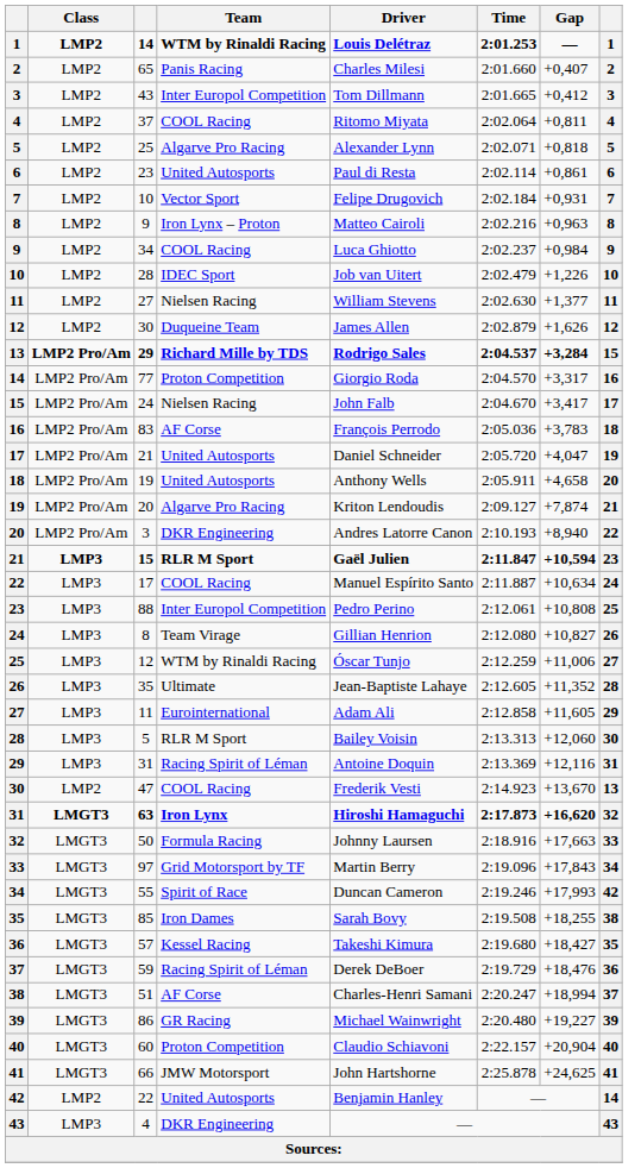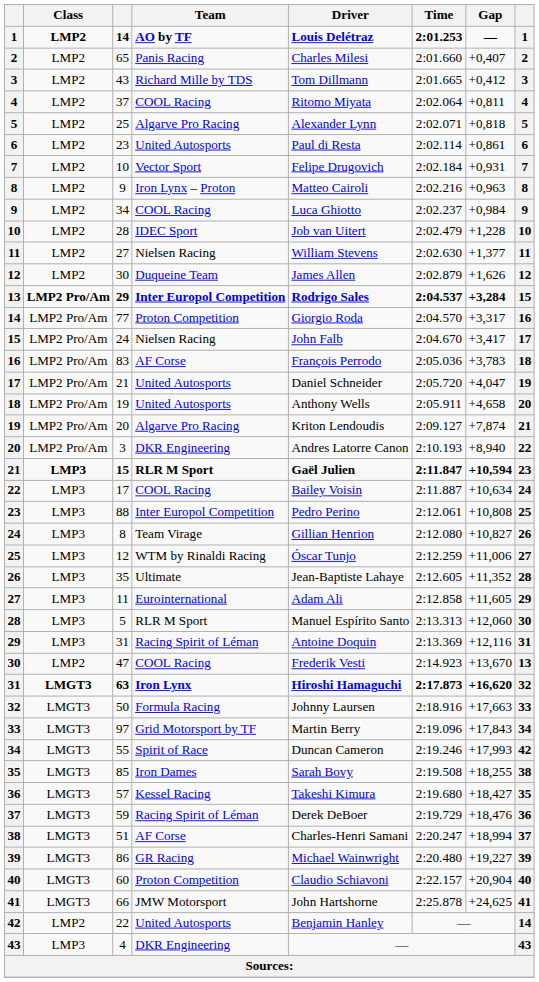 <table class="wikitable sortable" style="font-size: 90%;">
 <tr>
 <th></th>
 <th class="unsortable">Class</th>
 <th class="unsortable"></th>
 <th class="unsortable">Team</th>
 <th class="unsortable">Driver</th>
 <th class="unsortable">Time</th>
 <th class="unsortable">Gap</th>
 <th></th>
 </tr>
 <tr style="font-weight: bold;">
 <th>1</th>
 <td align="center">LMP2</td>
 <td align="center">14</td>
-<td> WTM by Rinaldi Racing</td>
+<td> <a href='#'>AO</a> by <a href='#'>TF</a></td>
 <td> <a href='#'>Louis Delétraz</a></td>
 <td align="center">2:01.253</td>
 <td align="center">—</td>
 <th>1</th>
 </tr>
 <tr>
 <th>2</th>
 <td align="center">LMP2</td>
 <td align="center">65</td>
 <td> <a href='#'>Panis Racing</a></td>
 <td> <a href='#'>Charles Milesi</a></td>
 <td align="center">2:01.660</td>
 <td>+0,407</td>
 <th>2</th>
 </tr>
 <tr>
 <th>3</th>
 <td align="center">LMP2</td>
 <td align="center">43</td>
-<td> <a href='#'>Inter Europol Competition</a></td>
+<td> <a href='#'>Richard Mille by TDS</a></td>
 <td> <a href='#'>Tom Dillmann</a></td>
 <td align="center">2:01.665</td>
 <td>+0,412</td>
 <th>3</th>
 </tr>
 <tr>
 <th>4</th>
 <td align="center">LMP2</td>
 <td align="center">37</td>
 <td> <a href='#'>COOL Racing</a></td>
 <td> <a href='#'>Ritomo Miyata</a></td>
 <td align="center">2:02.064</td>
 <td>+0,811</td>
 <th>4</th>
 </tr>
 <tr>
 <th>5</th>
 <td align="center">LMP2</td>
 <td align="center">25</td>
 <td> <a href='#'>Algarve Pro Racing</a></td>
 <td> <a href='#'>Alexander Lynn</a></td>
 <td align="center">2:02.071</td>
 <td>+0,818</td>
 <th>5</th>
 </tr>
 <tr>
 <th>6</th>
 <td align="center">LMP2</td>
 <td align="center">23</td>
 <td> <a href='#'>United Autosports</a></td>
 <td> <a href='#'>Paul di Resta</a></td>
 <td align="center">2:02.114</td>
 <td>+0,861</td>
 <th>6</th>
 </tr>
 <tr>
 <th>7</th>
 <td align="center">LMP2</td>
 <td align="center">10</td>
 <td> <a href='#'>Vector Sport</a></td>
 <td> <a href='#'>Felipe Drugovich</a></td>
 <td align="center">2:02.184</td>
 <td>+0,931</td>
 <th>7</th>
 </tr>
 <tr>
 <th>8</th>
 <td align="center">LMP2</td>
 <td align="center">9</td>
 <td> <a href='#'>Iron Lynx</a> – <a href='#'>Proton</a></td>
 <td> <a href='#'>Matteo Cairoli</a></td>
 <td align="center">2:02.216</td>
 <td>+0,963</td>
 <th>8</th>
 </tr>
 <tr>
 <th>9</th>
 <td align="center">LMP2</td>
 <td align="center">34</td>
 <td> <a href='#'>COOL Racing</a></td>
 <td> <a href='#'>Luca Ghiotto</a></td>
 <td align="center">2:02.237</td>
 <td>+0,984</td>
 <th>9</th>
 </tr>
 <tr>
 <th>10</th>
 <td align="center">LMP2</td>
 <td align="center">28</td>
 <td> <a href='#'>IDEC Sport</a></td>
 <td> <a href='#'>Job van Uitert</a></td>
 <td align="center">2:02.479</td>
-<td>+1,226</td>
+<td>+1,228</td>
 <th>10</th>
 </tr>
 <tr>
 <th>11</th>
 <td align="center">LMP2</td>
 <td align="center">27</td>
 <td> Nielsen Racing</td>
 <td> <a href='#'>William Stevens</a></td>
 <td align="center">2:02.630</td>
 <td>+1,377</td>
 <th>11</th>
 </tr>
 <tr>
 <th>12</th>
 <td align="center">LMP2</td>
 <td align="center">30</td>
 <td> <a href='#'>Duqueine Team</a></td>
 <td> <a href='#'>James Allen</a></td>
 <td align="center">2:02.879</td>
 <td>+1,626</td>
 <th>12</th>
 </tr>
 <tr style="font-weight: bold;">
 <th>13</th>
 <td align="center">LMP2 Pro/Am</td>
 <td align="center">29</td>
-<td> <a href='#'>Richard Mille by TDS</a></td>
+<td> <a href='#'>Inter Europol Competition</a></td>
 <td> <a href='#'>Rodrigo Sales</a></td>
 <td align="center">2:04.537</td>
 <td>+3,284</td>
 <th>15</th>
 </tr>
 <tr>
 <th>14</th>
 <td align="center">LMP2 Pro/Am</td>
 <td align="center">77</td>
 <td> <a href='#'>Proton Competition</a></td>
 <td> <a href='#'>Giorgio Roda</a></td>
 <td align="center">2:04.570</td>
 <td>+3,317</td>
 <th>16</th>
 </tr>
 <tr>
 <th>15</th>
 <td align="center">LMP2 Pro/Am</td>
 <td align="center">24</td>
 <td> Nielsen Racing</td>
 <td> <a href='#'>John Falb</a></td>
 <td align="center">2:04.670</td>
 <td>+3,417</td>
 <th>17</th>
 </tr>
 <tr>
 <th>16</th>
 <td align="center">LMP2 Pro/Am</td>
 <td align="center">83</td>
 <td> <a href='#'>AF Corse</a></td>
 <td> <a href='#'>François Perrodo</a></td>
 <td align="center">2:05.036</td>
 <td>+3,783</td>
 <th>18</th>
 </tr>
 <tr>
 <th>17</th>
 <td align="center">LMP2 Pro/Am</td>
 <td align="center">21</td>
 <td> <a href='#'>United Autosports</a></td>
 <td> Daniel Schneider</td>
 <td align="center">2:05.720</td>
 <td>+4,047</td>
 <th>19</th>
 </tr>
 <tr>
 <th>18</th>
 <td align="center">LMP2 Pro/Am</td>
 <td align="center">19</td>
 <td> <a href='#'>United Autosports</a></td>
 <td> Anthony Wells</td>
 <td align="center">2:05.911</td>
 <td>+4,658</td>
 <th>20</th>
 </tr>
 <tr>
 <th>19</th>
 <td align="center">LMP2 Pro/Am</td>
 <td align="center">20</td>
 <td> <a href='#'>Algarve Pro Racing</a></td>
 <td> Kriton Lendoudis</td>
 <td align="center">2:09.127</td>
 <td>+7,874</td>
 <th>21</th>
 </tr>
 <tr>
 <th>20</th>
 <td align="center">LMP2 Pro/Am</td>
 <td align="center">3</td>
 <td> <a href='#'>DKR Engineering</a></td>
 <td> Andres Latorre Canon</td>
 <td align="center">2:10.193</td>
 <td>+8,940</td>
 <th>22</th>
 </tr>
 <tr style="font-weight: bold;">
 <th>21</th>
 <td align="center">LMP3</td>
 <td align="center">15</td>
 <td> RLR M Sport</td>
 <td> Gaël Julien</td>
 <td align="center">2:11.847</td>
 <td>+10,594</td>
 <th>23</th>
 </tr>
 <tr>
 <th>22</th>
 <td align="center">LMP3</td>
 <td align="center">17</td>
 <td> <a href='#'>COOL Racing</a></td>
-<td> Manuel Espírito Santo</td>
+<td> <a href='#'>Bailey Voisin</a></td>
 <td align="center">2:11.887</td>
 <td>+10,634</td>
 <th>24</th>
 </tr>
 <tr>
 <th>23</th>
 <td align="center">LMP3</td>
 <td align="center">88</td>
 <td> <a href='#'>Inter Europol Competition</a></td>
 <td> <a href='#'>Pedro Perino</a></td>
 <td align="center">2:12.061</td>
 <td>+10,808</td>
 <th>25</th>
 </tr>
 <tr>
 <th>24</th>
 <td align="center">LMP3</td>
 <td align="center">8</td>
 <td> Team Virage</td>
 <td> <a href='#'>Gillian Henrion</a></td>
 <td align="center">2:12.080</td>
 <td>+10,827</td>
 <th>26</th>
 </tr>
 <tr>
 <th>25</th>
 <td align="center">LMP3</td>
 <td align="center">12</td>
 <td> WTM by Rinaldi Racing</td>
 <td> <a href='#'>Óscar Tunjo</a></td>
 <td align="center">2:12.259</td>
 <td>+11,006</td>
 <th>27</th>
 </tr>
 <tr>
 <th>26</th>
 <td align="center">LMP3</td>
 <td align="center">35</td>
 <td> Ultimate</td>
 <td> Jean-Baptiste Lahaye</td>
 <td align="center">2:12.605</td>
 <td>+11,352</td>
 <th>28</th>
 </tr>
 <tr>
 <th>27</th>
 <td align="center">LMP3</td>
 <td align="center">11</td>
 <td> <a href='#'>Eurointernational</a></td>
 <td> <a href='#'>Adam Ali</a></td>
 <td align="center">2:12.858</td>
 <td>+11,605</td>
 <th>29</th>
 </tr>
 <tr>
 <th>28</th>
 <td align="center">LMP3</td>
 <td align="center">5</td>
 <td> RLR M Sport</td>
-<td> <a href='#'>Bailey Voisin</a></td>
+<td> Manuel Espírito Santo</td>
 <td align="center">2:13.313</td>
 <td>+12,060</td>
 <th>30</th>
 </tr>
 <tr>
 <th>29</th>
 <td align="center">LMP3</td>
 <td align="center">31</td>
 <td> <a href='#'>Racing Spirit of Léman</a></td>
 <td> <a href='#'>Antoine Doquin</a></td>
 <td align="center">2:13.369</td>
 <td>+12,116</td>
 <th>31</th>
 </tr>
 <tr>
 <th>30</th>
 <td align="center">LMP2</td>
 <td align="center">47</td>
 <td> <a href='#'>COOL Racing</a></td>
 <td> <a href='#'>Frederik Vesti</a></td>
 <td align="center">2:14.923</td>
 <td>+13,670</td>
 <th>13</th>
 </tr>
 <tr style="font-weight: bold;">
 <th>31</th>
 <td align="center">LMGT3</td>
 <td align="center">63</td>
 <td> <a href='#'>Iron Lynx</a></td>
 <td> <a href='#'>Hiroshi Hamaguchi</a></td>
 <td align="center">2:17.873</td>
 <td>+16,620</td>
 <th>32</th>
 </tr>
 <tr>
 <th>32</th>
 <td align="center">LMGT3</td>
 <td align="center">50</td>
 <td> <a href='#'>Formula Racing</a></td>
 <td> Johnny Laursen</td>
 <td align="center">2:18.916</td>
 <td>+17,663</td>
 <th>33</th>
 </tr>
 <tr>
 <th>33</th>
 <td align="center">LMGT3</td>
 <td align="center">97</td>
 <td> <a href='#'>Grid Motorsport by TF</a></td>
 <td> Martin Berry</td>
 <td align="center">2:19.096</td>
 <td>+17,843</td>
 <th>34</th>
 </tr>
 <tr>
 <th>34</th>
 <td align="center">LMGT3</td>
 <td align="center">55</td>
 <td> <a href='#'>Spirit of Race</a></td>
 <td> Duncan Cameron</td>
 <td align="center">2:19.246</td>
 <td>+17,993</td>
 <th>42</th>
 </tr>
 <tr>
 <th>35</th>
 <td align="center">LMGT3</td>
 <td align="center">85</td>
 <td> <a href='#'>Iron Dames</a></td>
 <td> <a href='#'>Sarah Bovy</a></td>
 <td align="center">2:19.508</td>
 <td>+18,255</td>
 <th>38</th>
 </tr>
 <tr>
 <th>36</th>
 <td align="center">LMGT3</td>
 <td align="center">57</td>
 <td> <a href='#'>Kessel Racing</a></td>
 <td> <a href='#'>Takeshi Kimura</a></td>
 <td align="center">2:19.680</td>
 <td>+18,427</td>
 <th>35</th>
 </tr>
 <tr>
 <th>37</th>
 <td align="center">LMGT3</td>
 <td align="center">59</td>
 <td> <a href='#'>Racing Spirit of Léman</a></td>
 <td> Derek DeBoer</td>
 <td align="center">2:19.729</td>
 <td>+18,476</td>
 <th>36</th>
 </tr>
 <tr>
 <th>38</th>
 <td align="center">LMGT3</td>
 <td align="center">51</td>
 <td> <a href='#'>AF Corse</a></td>
 <td> Charles-Henri Samani</td>
 <td align="center">2:20.247</td>
 <td>+18,994</td>
 <th>37</th>
 </tr>
 <tr>
 <th>39</th>
 <td align="center">LMGT3</td>
 <td align="center">86</td>
 <td> <a href='#'>GR Racing</a></td>
 <td> <a href='#'>Michael Wainwright</a></td>
 <td align="center">2:20.480</td>
 <td>+19,227</td>
 <th>39</th>
 </tr>
 <tr>
 <th>40</th>
 <td align="center">LMGT3</td>
 <td align="center">60</td>
 <td> <a href='#'>Proton Competition</a></td>
 <td> <a href='#'>Claudio Schiavoni</a></td>
 <td align="center">2:22.157</td>
 <td>+20,904</td>
 <th>40</th>
 </tr>
 <tr>
 <th>41</th>
 <td align="center">LMGT3</td>
 <td align="center">66</td>
 <td> JMW Motorsport</td>
 <td> John Hartshorne</td>
 <td align="center">2:25.878</td>
 <td>+24,625</td>
 <th>41</th>
 </tr>
 <tr>
 <th>42</th>
 <td align="center">LMP2</td>
 <td align="center">22</td>
 <td> <a href='#'>United Autosports</a></td>
 <td> <a href='#'>Benjamin Hanley</a></td>
 <td colspan="2" align="center">—</td>
 <th>14</th>
 </tr>
 <tr>
 <th>43</th>
 <td align="center">LMP3</td>
 <td align="center">4</td>
 <td> <a href='#'>DKR Engineering</a></td>
 <td colspan="3" align="center">—</td>
 <th>43</th>
 </tr>
 <tr>
 <th colspan="8">Sources:</th>
 </tr>
 <tr>
 </tr>
 </table>
